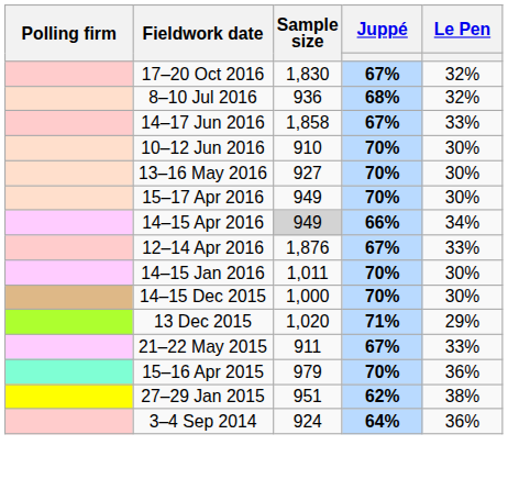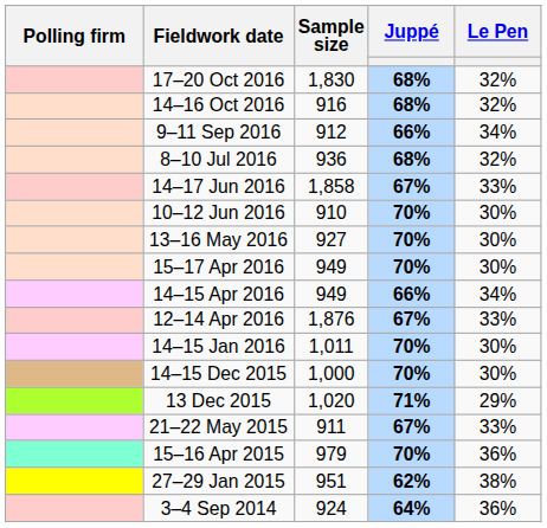 <table class="wikitable sortable" style="text-align:center;font-size:90%;line-height:14px;">
 <tr style="height:40px;">
 <th style="width:100px;" rowspan="2">Polling firm</th>
 <th style="width:110px;" rowspan="2">Fieldwork date</th>
 <th style="width:35px;" rowspan="2">Sample<br>size</th>
 <th class="unsortable" style="width:60px;"><a href='#'>Juppé</a><br></th>
 <th class="unsortable" style="width:60px;"><a href='#'>Le Pen</a><br></th>
 </tr>
 <tr>
 <th style="background:"></th>
 <th style="background:"></th>
 </tr>
 <tr>
 <td style="background:#FFCCCC;"></td>
 <td data-sort-value="2016-10-20">17–20 Oct 2016</td>
 <td>1,830</td>
-<td style="background:#B9DAFF;"><strong>67%</strong></td>
+<td style="background:#B9DAFF;"><strong>68%</strong></td>
 <td>32%</td>
+</tr>
+<tr>
+<td style="background:#FFDFCC;"> </td>
+<td data-sort-value="2016-10-16">14–16 Oct 2016</td>
+<td>916</td>
+<td style="background:#B9DAFF;"><strong>68%</strong></td>
+<td>32%</td>
+</tr>
+<tr>
+<td style="background:#FFDFCC;"> </td>
+<td data-sort-value="2016-09-11">9–11 Sep 2016</td>
+<td>912</td>
+<td style="background:#B9DAFF;"><strong>66%</strong></td>
+<td>34%</td>
 </tr>
 <tr>
 <td style="background:#FFDFCC;"> </td>
 <td data-sort-value="2016-07-10">8–10 Jul 2016</td>
 <td>936</td>
 <td style="background:#B9DAFF;"><strong>68%</strong></td>
 <td>32%</td>
 </tr>
 <tr>
 <td style="background:#FFCCCC;"></td>
 <td data-sort-value="2016-06-17">14–17 Jun 2016</td>
 <td>1,858</td>
 <td style="background:#B9DAFF;"><strong>67%</strong></td>
 <td>33%</td>
 </tr>
 <tr>
 <td style="background:#FFDFCC;"> </td>
 <td data-sort-value="2016-06-12">10–12 Jun 2016</td>
 <td>910</td>
 <td style="background:#B9DAFF;"><strong>70%</strong></td>
 <td>30%</td>
 </tr>
 <tr>
 <td style="background:#FFDFCC;"> </td>
 <td data-sort-value="2016-05-16">13–16 May 2016</td>
 <td>927</td>
 <td style="background:#B9DAFF;"><strong>70%</strong></td>
 <td>30%</td>
 </tr>
 <tr>
 <td style="background:#FFDFCC;"> </td>
 <td data-sort-value="2016-04-17">15–17 Apr 2016</td>
 <td>949</td>
 <td style="background:#B9DAFF;"><strong>70%</strong></td>
 <td>30%</td>
 </tr>
 <tr>
 <td style="background:#FFCCFF;"></td>
 <td data-sort-value="2016-04-15">14–15 Apr 2016</td>
-<td style="background: lightgrey;">949</td>
+<td>949</td>
 <td style="background:#B9DAFF;"><strong>66%</strong></td>
 <td>34%</td>
 </tr>
 <tr>
 <td style="background:#FFCCCC;"></td>
 <td data-sort-value="2016-04-14">12–14 Apr 2016</td>
 <td>1,876</td>
 <td style="background:#B9DAFF;"><strong>67%</strong></td>
 <td>33%</td>
 </tr>
 <tr>
 <td style="background:#FFCCFF;"></td>
 <td data-sort-value="2016-01-15">14–15 Jan 2016</td>
 <td>1,011</td>
 <td style="background:#B9DAFF;"><strong>70%</strong></td>
 <td>30%</td>
 </tr>
 <tr>
 <td style="background:burlywood;"> </td>
 <td data-sort-value="2015-12-15">14–15 Dec 2015</td>
 <td>1,000</td>
 <td style="background:#B9DAFF;"><strong>70%</strong></td>
 <td>30%</td>
 </tr>
 <tr>
 <td style="background:GreenYellow;"></td>
 <td data-sort-value="2015-12-13">13 Dec 2015</td>
 <td>1,020</td>
 <td style="background:#B9DAFF;"><strong>71%</strong></td>
 <td>29%</td>
 </tr>
 <tr>
 <td style="background:#FFCCFF;"></td>
 <td data-sort-value="2015-05-22">21–22 May 2015</td>
 <td>911</td>
 <td style="background:#B9DAFF;"><strong>67%</strong></td>
 <td>33%</td>
 </tr>
 <tr>
 <td style="background:aquamarine;"></td>
 <td data-sort-value="2015-04-16">15–16 Apr 2015</td>
 <td>979</td>
 <td style="background:#B9DAFF;"><strong>70%</strong></td>
 <td>36%</td>
 </tr>
 <tr>
 <td style="background:yellow;"> </td>
 <td data-sort-value="2015-01-29">27–29 Jan 2015</td>
 <td>951</td>
 <td style="background:#B9DAFF;"><strong>62%</strong></td>
 <td>38%</td>
 </tr>
 <tr>
 <td style="background:#FFCCCC;"></td>
 <td data-sort-value="2014-09-04">3–4 Sep 2014</td>
 <td>924</td>
 <td style="background:#B9DAFF;"><strong>64%</strong></td>
 <td>36%</td>
 </tr>
 </table>
